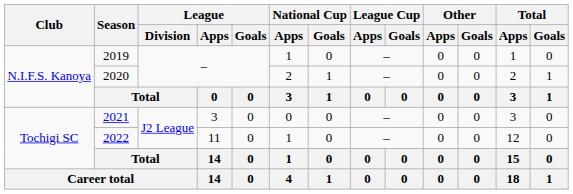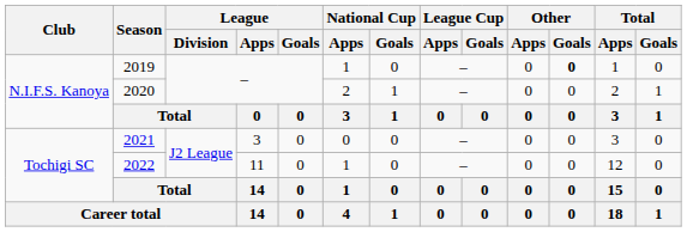 <table class="wikitable" style="text-align: center">
 <tr>
 <th rowspan="2">Club</th>
 <th rowspan="2">Season</th>
 <th colspan="3">League</th>
 <th colspan="2">National Cup</th>
 <th colspan="2">League Cup</th>
 <th colspan="2">Other</th>
 <th colspan="2">Total</th>
 </tr>
 <tr>
 <th>Division</th>
 <th>Apps</th>
 <th>Goals</th>
 <th>Apps</th>
 <th>Goals</th>
 <th>Apps</th>
 <th>Goals</th>
 <th>Apps</th>
 <th>Goals</th>
 <th>Apps</th>
 <th>Goals</th>
 </tr>
 <tr>
 <td rowspan="3"><a href='#'>N.I.F.S. Kanoya</a></td>
 <td>2019</td>
 <td rowspan="2" colspan="3">–</td>
 <td>1</td>
 <td>0</td>
 <td colspan="2">–</td>
 <td>0</td>
-<td>0</td>
+<td><strong>0</strong></td>
 <td>1</td>
 <td>0</td>
 </tr>
 <tr>
 <td>2020</td>
 <td>2</td>
 <td>1</td>
 <td colspan="2">–</td>
 <td>0</td>
 <td>0</td>
 <td>2</td>
 <td>1</td>
 </tr>
 <tr>
 <th colspan=2>Total</th>
 <th>0</th>
 <th>0</th>
 <th>3</th>
 <th>1</th>
 <th>0</th>
 <th>0</th>
 <th>0</th>
 <th>0</th>
 <th>3</th>
 <th>1</th>
 </tr>
 <tr>
 <td rowspan="3"><a href='#'>Tochigi SC</a></td>
 <td><a href='#'>2021</a></td>
 <td rowspan="2"><a href='#'>J2 League</a></td>
 <td>3</td>
 <td>0</td>
 <td>0</td>
 <td>0</td>
 <td colspan="2">–</td>
 <td>0</td>
 <td>0</td>
 <td>3</td>
 <td>0</td>
 </tr>
 <tr>
 <td><a href='#'>2022</a></td>
 <td>11</td>
 <td>0</td>
 <td>1</td>
 <td>0</td>
 <td colspan="2">–</td>
 <td>0</td>
 <td>0</td>
 <td>12</td>
 <td>0</td>
 </tr>
 <tr>
 <th colspan="2">Total</th>
 <th>14</th>
 <th>0</th>
 <th>1</th>
 <th>0</th>
 <th>0</th>
 <th>0</th>
 <th>0</th>
 <th>0</th>
 <th>15</th>
 <th>0</th>
 </tr>
 <tr>
 <th colspan="3">Career total</th>
 <th>14</th>
 <th>0</th>
 <th>4</th>
 <th>1</th>
 <th>0</th>
 <th>0</th>
 <th>0</th>
 <th>0</th>
 <th>18</th>
 <th>1</th>
 </tr>
 </table>
